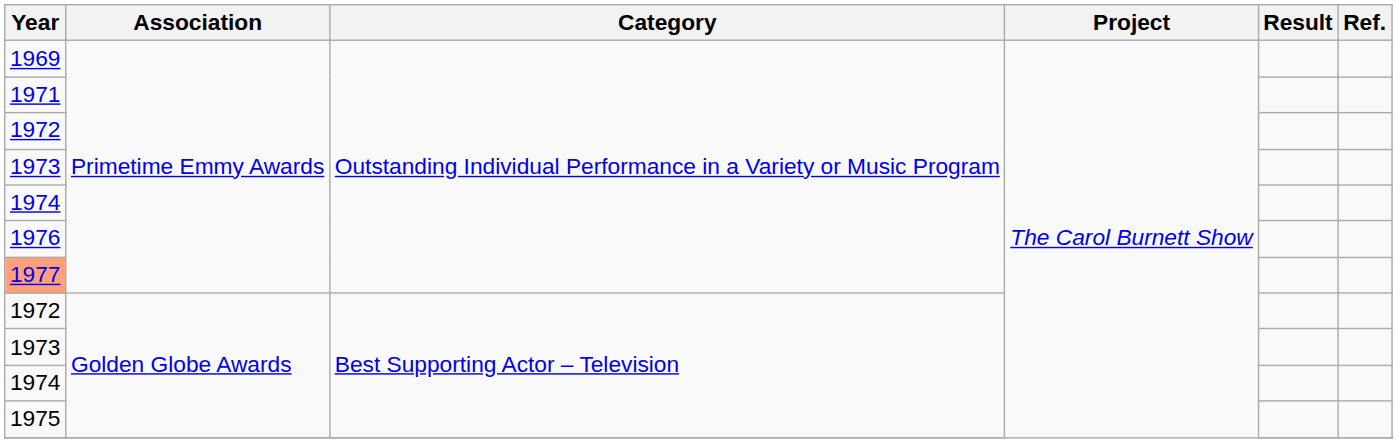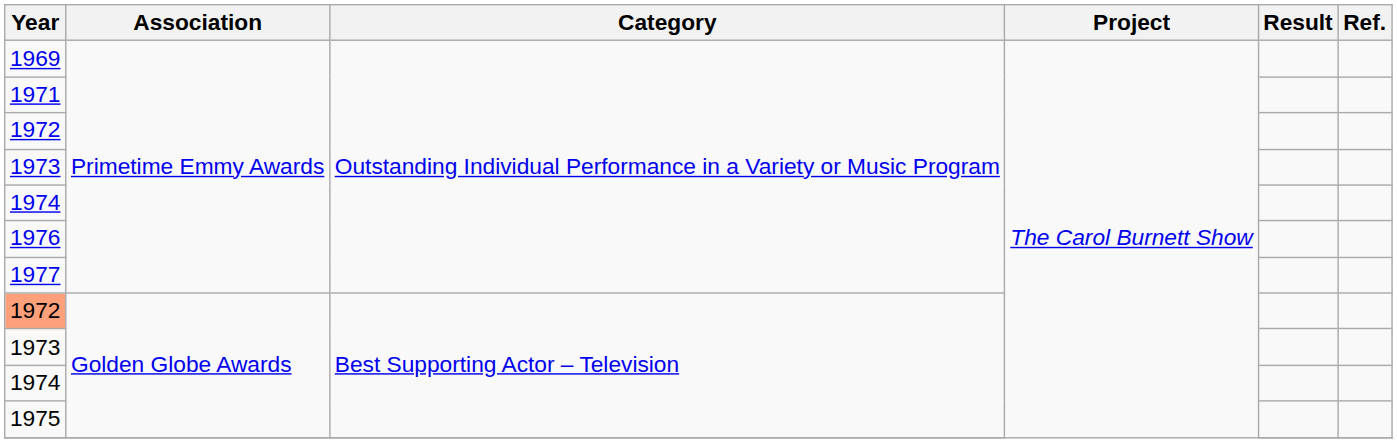 <table class="wikitable sortable">
 <tr>
 <th>Year</th>
 <th>Association</th>
 <th>Category</th>
 <th>Project</th>
 <th>Result</th>
 <th class="unsortable">Ref.</th>
 </tr>
 <tr>
 <td><a href='#'>1969</a></td>
 <td rowspan=7><a href='#'>Primetime Emmy Awards</a></td>
 <td rowspan=7><a href='#'>Outstanding Individual Performance in a Variety or Music Program</a></td>
 <td rowspan=12><em><a href='#'>The Carol Burnett Show</a></em></td>
 <td></td>
 <td></td>
 </tr>
 <tr>
 <td><a href='#'>1971</a></td>
 <td></td>
 <td></td>
 </tr>
 <tr>
 <td><a href='#'>1972</a></td>
 <td></td>
 <td></td>
 </tr>
 <tr>
 <td><a href='#'>1973</a></td>
 <td></td>
 <td></td>
 </tr>
 <tr>
 <td><a href='#'>1974</a></td>
 <td></td>
 <td></td>
 </tr>
 <tr>
 <td><a href='#'>1976</a></td>
 <td></td>
 <td></td>
 </tr>
 <tr>
-<td style="background: lightsalmon;"><a href='#'>1977</a></td>
+<td><a href='#'>1977</a></td>
 <td></td>
 <td></td>
 </tr>
 <tr>
-<td>1972</td>
+<td style="background: lightsalmon;">1972</td>
 <td rowspan=4><a href='#'>Golden Globe Awards</a></td>
 <td rowspan=4><a href='#'>Best Supporting Actor – Television</a></td>
 <td></td>
 <td></td>
 </tr>
 <tr>
 <td>1973</td>
 <td></td>
 <td></td>
 </tr>
 <tr>
 <td>1974</td>
 <td></td>
 <td></td>
 </tr>
 <tr>
 <td>1975</td>
 <td></td>
 <td></td>
 </tr>
 <tr>
 </tr>
 </table>
